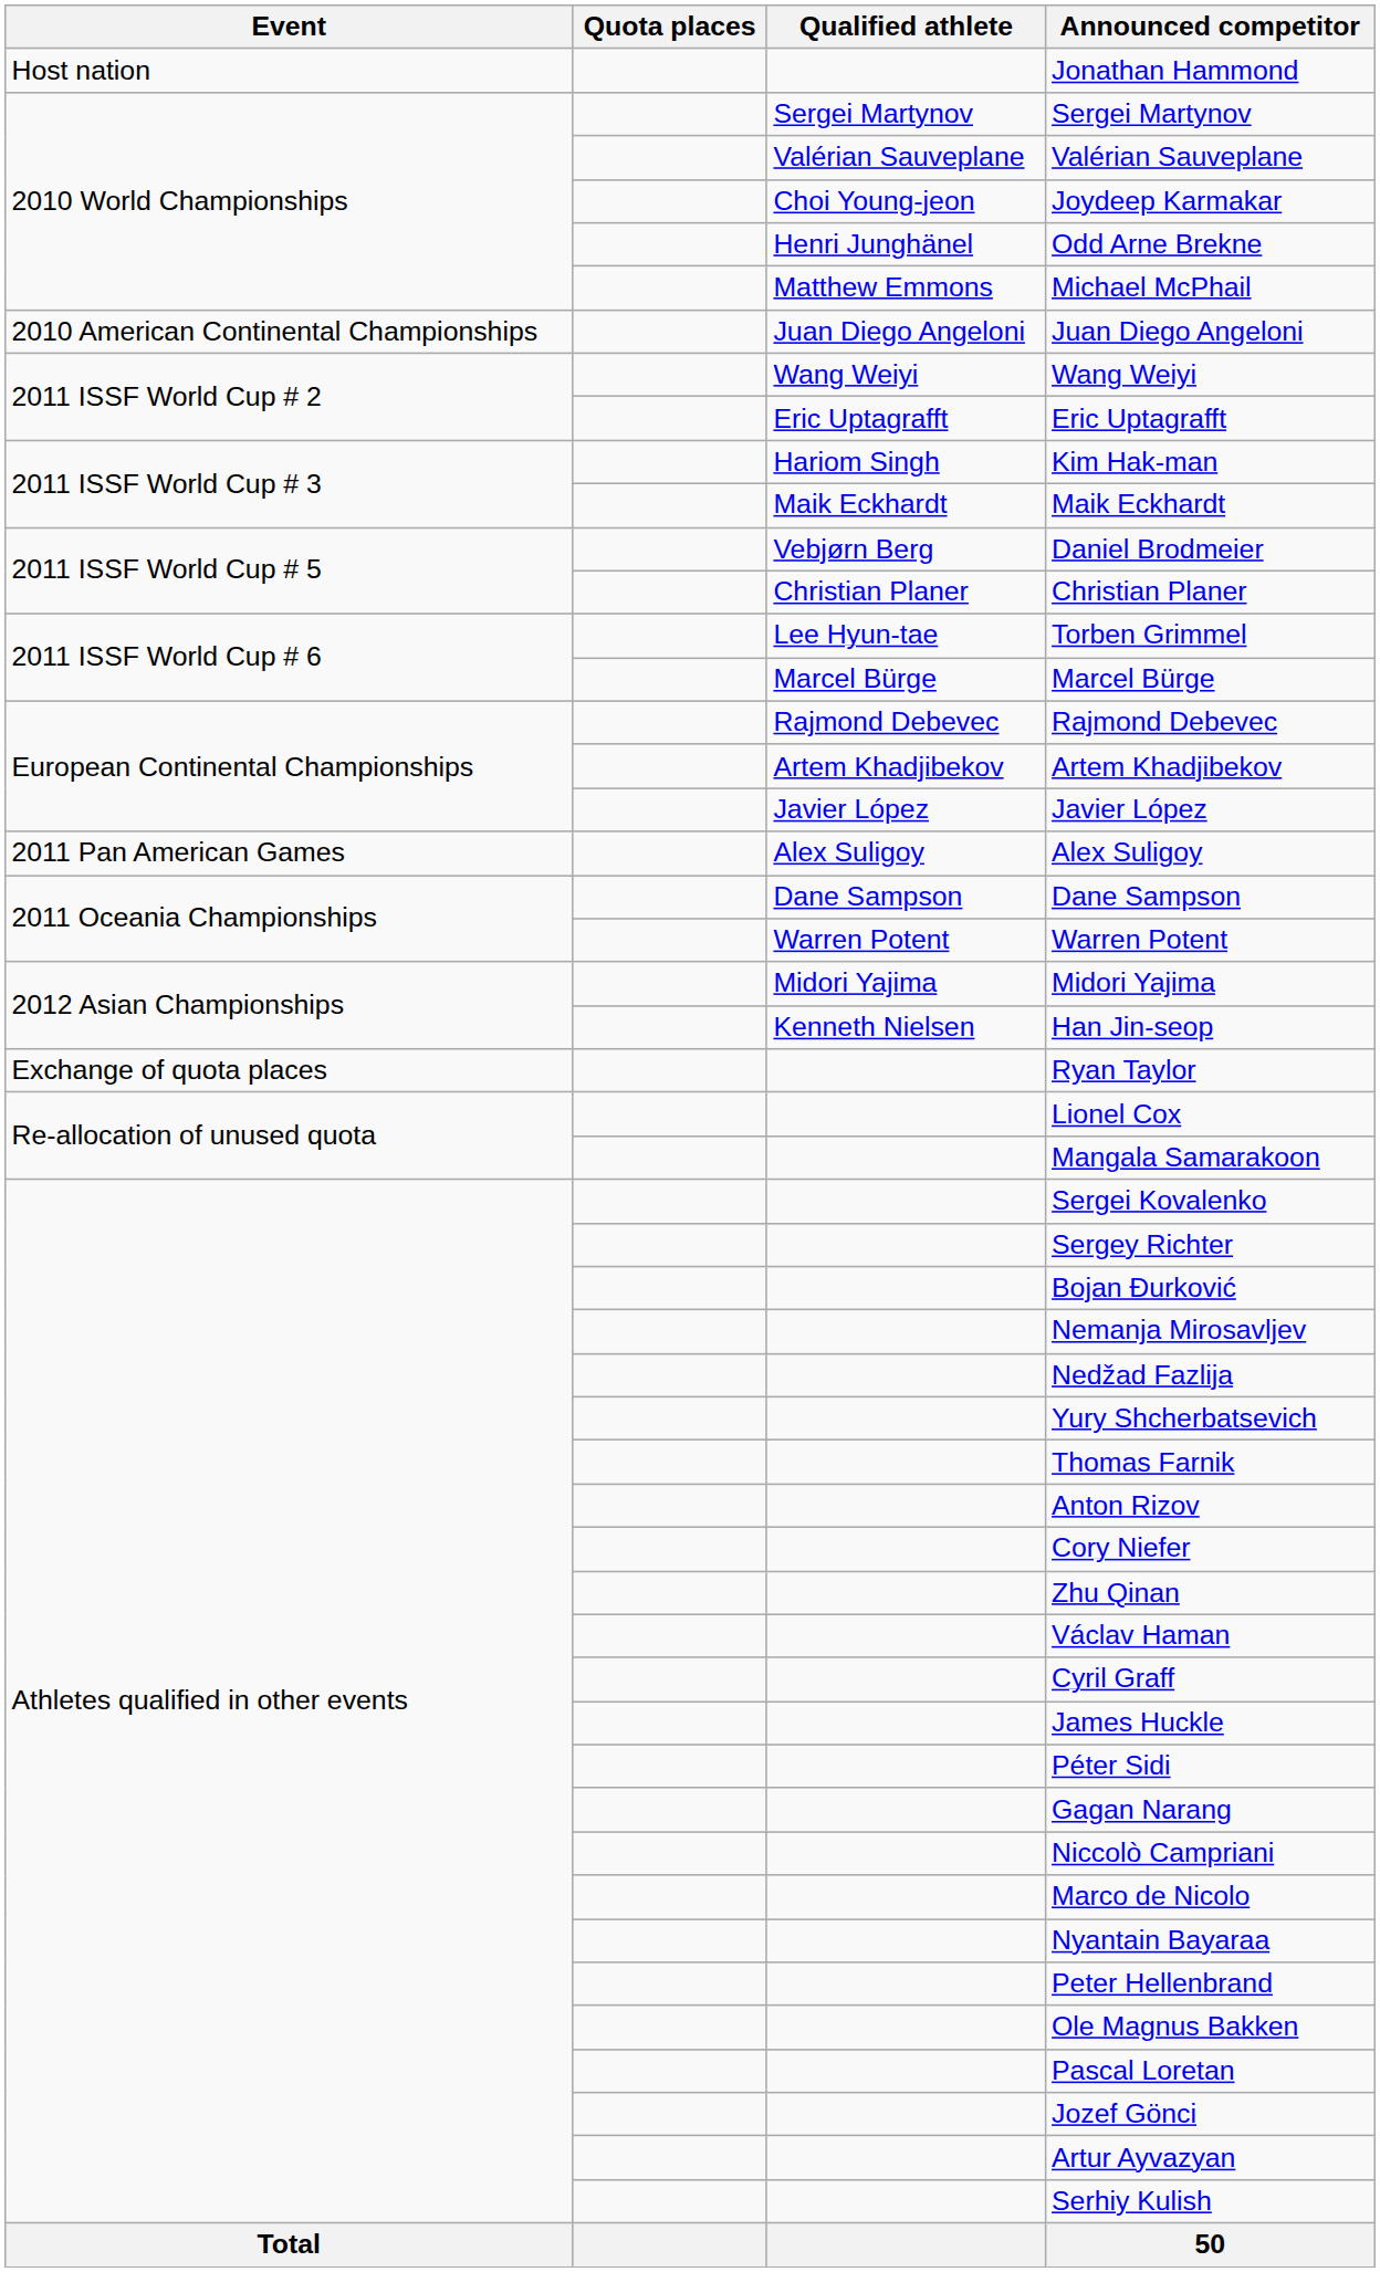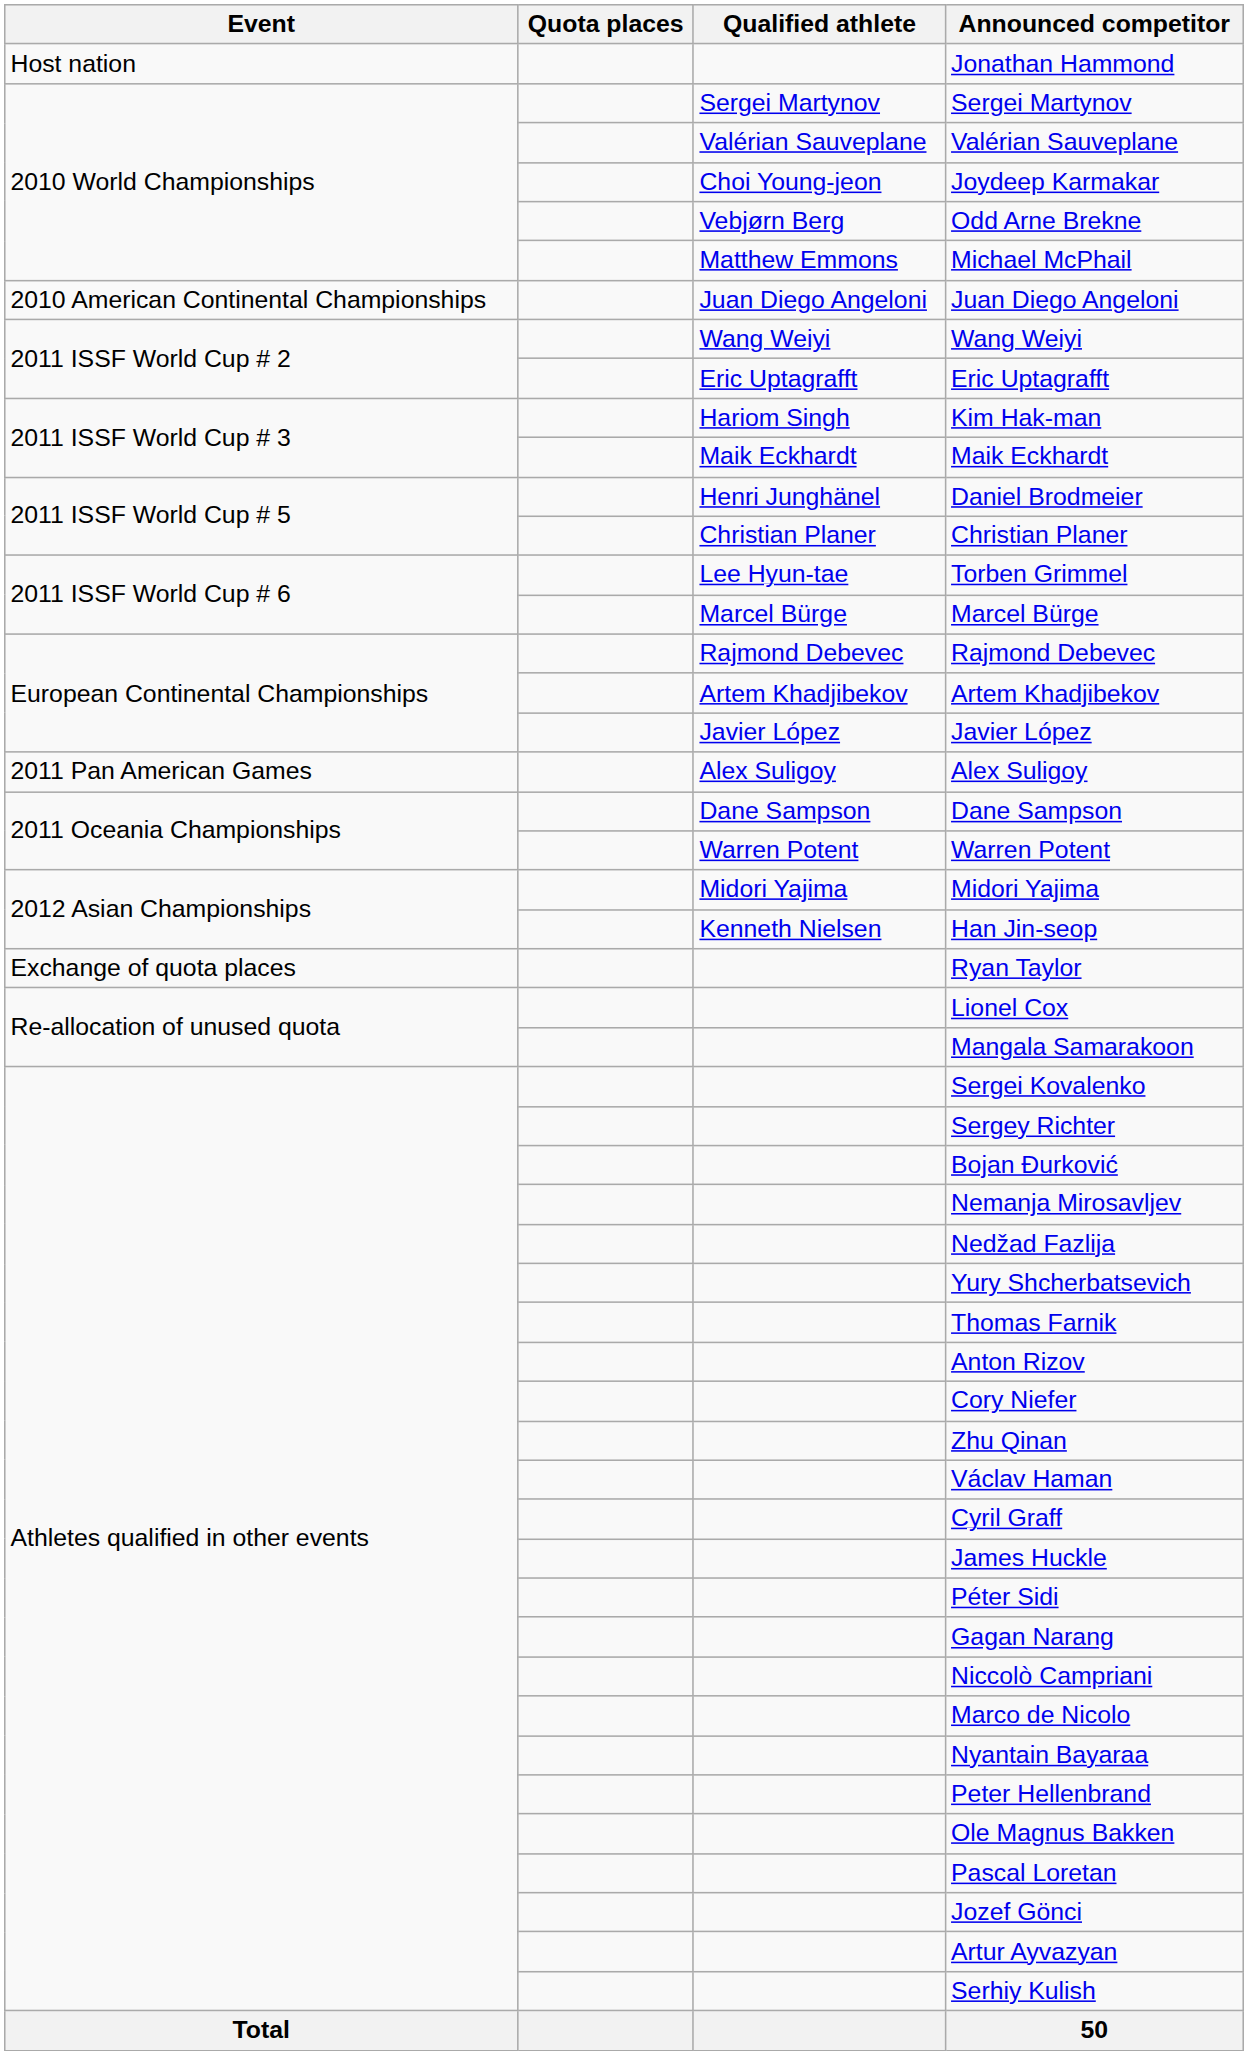 <table class=wikitable style="text-align:left" width=800>
 <tr>
 <th>Event</th>
 <th>Quota places</th>
 <th>Qualified athlete</th>
 <th>Announced competitor</th>
 </tr>
 <tr>
 <td>Host nation</td>
 <td></td>
 <td></td>
 <td><a href='#'>Jonathan Hammond</a></td>
 </tr>
 <tr>
 <td rowspan="5">2010 World Championships</td>
 <td></td>
 <td><a href='#'>Sergei Martynov</a></td>
 <td><a href='#'>Sergei Martynov</a></td>
 </tr>
 <tr>
 <td></td>
 <td><a href='#'>Valérian Sauveplane</a></td>
 <td><a href='#'>Valérian Sauveplane</a></td>
 </tr>
 <tr>
 <td></td>
 <td><a href='#'>Choi Young-jeon</a></td>
 <td><a href='#'>Joydeep Karmakar</a></td>
 </tr>
 <tr>
 <td></td>
-<td><a href='#'>Henri Junghänel</a></td>
+<td><a href='#'>Vebjørn Berg</a></td>
 <td><a href='#'>Odd Arne Brekne</a></td>
 </tr>
 <tr>
 <td></td>
 <td><a href='#'>Matthew Emmons</a></td>
 <td><a href='#'>Michael McPhail</a></td>
 </tr>
 <tr>
 <td rowspan="1">2010 American Continental Championships</td>
 <td></td>
 <td><a href='#'>Juan Diego Angeloni</a></td>
 <td><a href='#'>Juan Diego Angeloni</a></td>
 </tr>
 <tr>
 <td rowspan="2">2011 ISSF World Cup # 2</td>
 <td></td>
 <td><a href='#'>Wang Weiyi</a></td>
 <td><a href='#'>Wang Weiyi</a></td>
 </tr>
 <tr>
 <td></td>
 <td><a href='#'>Eric Uptagrafft</a></td>
 <td><a href='#'>Eric Uptagrafft</a></td>
 </tr>
 <tr>
 <td rowspan="2">2011 ISSF World Cup # 3</td>
 <td></td>
 <td><a href='#'>Hariom Singh</a></td>
 <td><a href='#'>Kim Hak-man</a></td>
 </tr>
 <tr>
 <td></td>
 <td><a href='#'>Maik Eckhardt</a></td>
 <td><a href='#'>Maik Eckhardt</a></td>
 </tr>
 <tr>
 <td rowspan="2">2011 ISSF World Cup # 5</td>
 <td></td>
-<td><a href='#'>Vebjørn Berg</a></td>
+<td><a href='#'>Henri Junghänel</a></td>
 <td><a href='#'>Daniel Brodmeier</a></td>
 </tr>
 <tr>
 <td></td>
 <td><a href='#'>Christian Planer</a></td>
 <td><a href='#'>Christian Planer</a></td>
 </tr>
 <tr>
 <td rowspan="2">2011 ISSF World Cup # 6</td>
 <td></td>
 <td><a href='#'>Lee Hyun-tae</a></td>
 <td><a href='#'>Torben Grimmel</a></td>
 </tr>
 <tr>
 <td></td>
 <td><a href='#'>Marcel Bürge</a></td>
 <td><a href='#'>Marcel Bürge</a></td>
 </tr>
 <tr>
 <td rowspan="3">European Continental Championships</td>
 <td></td>
 <td><a href='#'>Rajmond Debevec</a></td>
 <td><a href='#'>Rajmond Debevec</a></td>
 </tr>
 <tr>
 <td></td>
 <td><a href='#'>Artem Khadjibekov</a></td>
 <td><a href='#'>Artem Khadjibekov</a></td>
 </tr>
 <tr>
 <td></td>
 <td><a href='#'>Javier López</a></td>
 <td><a href='#'>Javier López</a></td>
 </tr>
 <tr>
 <td rowspan="1">2011 Pan American Games</td>
 <td></td>
 <td><a href='#'>Alex Suligoy</a></td>
 <td><a href='#'>Alex Suligoy</a></td>
 </tr>
 <tr>
 <td rowspan="2">2011 Oceania Championships</td>
 <td></td>
 <td><a href='#'>Dane Sampson</a></td>
 <td><a href='#'>Dane Sampson</a></td>
 </tr>
 <tr>
 <td></td>
 <td><a href='#'>Warren Potent</a></td>
 <td><a href='#'>Warren Potent</a></td>
 </tr>
 <tr>
 <td rowspan="2">2012 Asian Championships</td>
 <td></td>
 <td><a href='#'>Midori Yajima</a></td>
 <td><a href='#'>Midori Yajima</a></td>
 </tr>
 <tr>
 <td></td>
 <td><a href='#'>Kenneth Nielsen</a></td>
 <td><a href='#'>Han Jin-seop</a></td>
 </tr>
 <tr>
 <td rowspan="1">Exchange of quota places</td>
 <td></td>
 <td></td>
 <td><a href='#'>Ryan Taylor</a></td>
 </tr>
 <tr>
 <td rowspan="2">Re-allocation of unused quota</td>
 <td></td>
 <td></td>
 <td><a href='#'>Lionel Cox</a></td>
 </tr>
 <tr>
 <td></td>
 <td></td>
 <td><a href='#'>Mangala Samarakoon</a></td>
 </tr>
 <tr>
 <td rowspan="24">Athletes qualified in other events</td>
 <td></td>
 <td></td>
 <td><a href='#'>Sergei Kovalenko</a></td>
 </tr>
 <tr>
 <td></td>
 <td></td>
 <td><a href='#'>Sergey Richter</a></td>
 </tr>
 <tr>
 <td></td>
 <td></td>
 <td><a href='#'>Bojan Đurković</a></td>
 </tr>
 <tr>
 <td></td>
 <td></td>
 <td><a href='#'>Nemanja Mirosavljev</a></td>
 </tr>
 <tr>
 <td></td>
 <td></td>
 <td><a href='#'>Nedžad Fazlija</a></td>
 </tr>
 <tr>
 <td></td>
 <td></td>
 <td><a href='#'>Yury Shcherbatsevich</a></td>
 </tr>
 <tr>
 <td></td>
 <td></td>
 <td><a href='#'>Thomas Farnik</a></td>
 </tr>
 <tr>
 <td></td>
 <td></td>
 <td><a href='#'>Anton Rizov</a></td>
 </tr>
 <tr>
 <td></td>
 <td></td>
 <td><a href='#'>Cory Niefer</a></td>
 </tr>
 <tr>
 <td></td>
 <td></td>
 <td><a href='#'>Zhu Qinan</a></td>
 </tr>
 <tr>
 <td></td>
 <td></td>
 <td><a href='#'>Václav Haman</a></td>
 </tr>
 <tr>
 <td></td>
 <td></td>
 <td><a href='#'>Cyril Graff</a></td>
 </tr>
 <tr>
 <td></td>
 <td></td>
 <td><a href='#'>James Huckle</a></td>
 </tr>
 <tr>
 <td></td>
 <td></td>
 <td><a href='#'>Péter Sidi</a></td>
 </tr>
 <tr>
 <td></td>
 <td></td>
 <td><a href='#'>Gagan Narang</a></td>
 </tr>
 <tr>
 <td></td>
 <td></td>
 <td><a href='#'>Niccolò Campriani</a></td>
 </tr>
 <tr>
 <td></td>
 <td></td>
 <td><a href='#'>Marco de Nicolo</a></td>
 </tr>
 <tr>
 <td></td>
 <td></td>
 <td><a href='#'>Nyantain Bayaraa</a></td>
 </tr>
 <tr>
 <td></td>
 <td></td>
 <td><a href='#'>Peter Hellenbrand</a></td>
 </tr>
 <tr>
 <td></td>
 <td></td>
 <td><a href='#'>Ole Magnus Bakken</a></td>
 </tr>
 <tr>
 <td></td>
 <td></td>
 <td><a href='#'>Pascal Loretan</a></td>
 </tr>
 <tr>
 <td></td>
 <td></td>
 <td><a href='#'>Jozef Gönci</a></td>
 </tr>
 <tr>
 <td></td>
 <td></td>
 <td><a href='#'>Artur Ayvazyan</a></td>
 </tr>
 <tr>
 <td></td>
 <td></td>
 <td><a href='#'>Serhiy Kulish</a></td>
 </tr>
 <tr>
 <th>Total</th>
 <th></th>
 <th></th>
 <th>50</th>
 </tr>
 </table>
